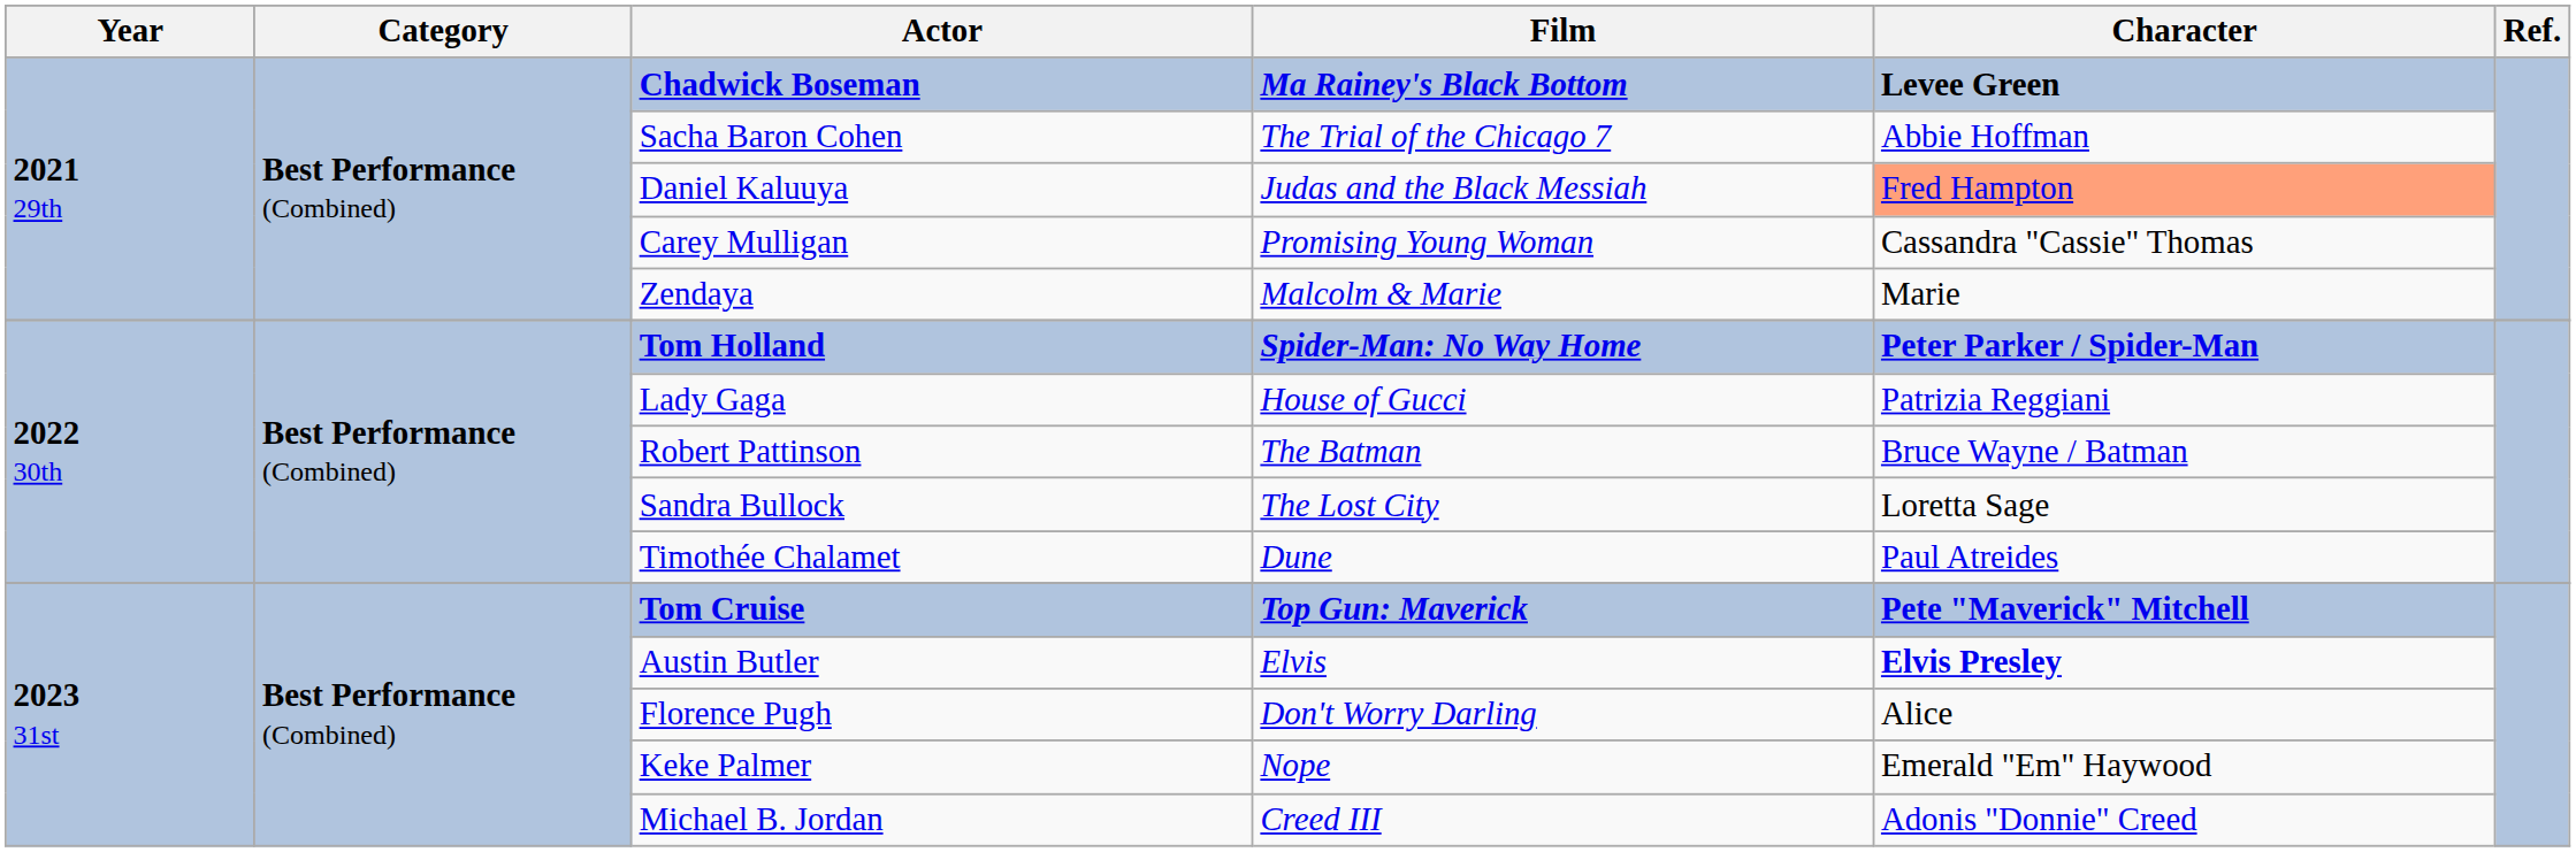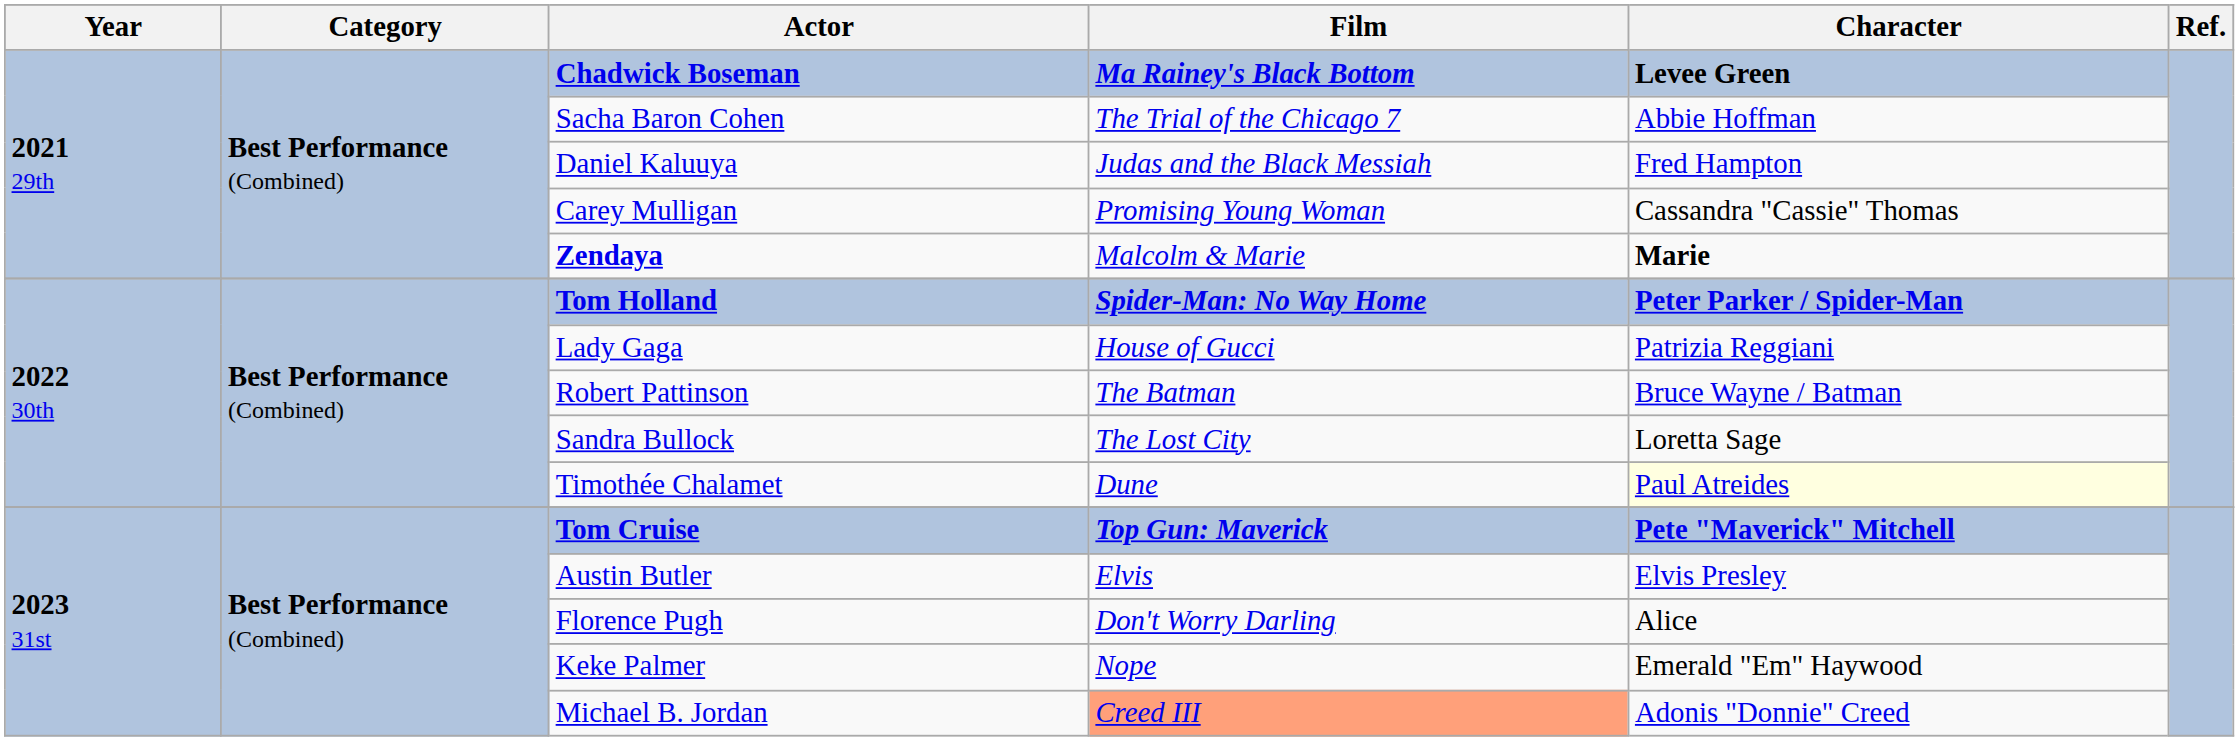 <table class="wikitable" style="width:98%">
 <tr style="background:#bebebe;">
 <th style="width:10%;">Year</th>
 <th style="width:15%;">Category</th>
 <th style="width:25%;">Actor</th>
 <th style="width:25%;">Film</th>
 <th style="width:25%;">Character</th>
 <th style="width:25%;">Ref.</th>
 </tr>
 <tr style="background:#B0C4DE;">
 <td rowspan="5"><strong>2021</strong><br><small><a href='#'>29th</a></small><small></small></td>
 <td rowspan="5"><strong>Best Performance</strong><br><small>(Combined)</small><small></small></td>
 <td><strong><a href='#'>Chadwick Boseman</a></strong></td>
 <td><strong><em><a href='#'>Ma Rainey's Black Bottom</a></em></strong></td>
 <td><strong>Levee Green</strong></td>
 <td rowspan="5" align="center"></td>
 </tr>
 <tr>
 <td><a href='#'>Sacha Baron Cohen</a></td>
 <td><em><a href='#'>The Trial of the Chicago 7</a></em></td>
 <td><a href='#'>Abbie Hoffman</a></td>
 </tr>
 <tr>
 <td><a href='#'>Daniel Kaluuya</a></td>
 <td><em><a href='#'>Judas and the Black Messiah</a></em></td>
-<td style="background: lightsalmon;"><a href='#'>Fred Hampton</a></td>
+<td><a href='#'>Fred Hampton</a></td>
 </tr>
 <tr>
 <td><a href='#'>Carey Mulligan</a></td>
 <td><em><a href='#'>Promising Young Woman</a></em></td>
 <td>Cassandra "Cassie" Thomas</td>
 </tr>
 <tr>
-<td><a href='#'>Zendaya</a></td>
+<td><strong><a href='#'>Zendaya</a></strong></td>
 <td><em><a href='#'>Malcolm & Marie</a></em></td>
-<td>Marie</td>
+<td><strong>Marie</strong></td>
 </tr>
 <tr>
 </tr>
 <tr style="background:#B0C4DE;">
 <td rowspan="5"><strong>2022</strong><br><small><a href='#'>30th</a></small><small></small></td>
 <td rowspan="5"><strong>Best Performance</strong><br><small>(Combined)</small><small></small></td>
 <td><strong><a href='#'>Tom Holland</a></strong></td>
 <td><strong><em><a href='#'>Spider-Man: No Way Home</a></em></strong></td>
 <td><strong><a href='#'>Peter Parker / Spider-Man</a></strong></td>
 <td rowspan="5" align="center"></td>
 </tr>
 <tr>
 <td><a href='#'>Lady Gaga</a></td>
 <td><em><a href='#'>House of Gucci</a></em></td>
 <td><a href='#'>Patrizia Reggiani</a></td>
 </tr>
 <tr>
 <td><a href='#'>Robert Pattinson</a></td>
 <td><em><a href='#'>The Batman</a></em></td>
 <td><a href='#'>Bruce Wayne / Batman</a></td>
 </tr>
 <tr>
 <td><a href='#'>Sandra Bullock</a></td>
 <td><em><a href='#'>The Lost City</a></em></td>
 <td>Loretta Sage</td>
 </tr>
 <tr>
 <td><a href='#'>Timothée Chalamet</a></td>
 <td><em><a href='#'>Dune</a></em></td>
-<td><a href='#'>Paul Atreides</a></td>
+<td style="background: lightyellow;"><a href='#'>Paul Atreides</a></td>
 </tr>
 <tr>
 </tr>
 <tr style="background:#B0C4DE;">
 <td rowspan="6"><strong>2023</strong><br><small><a href='#'>31st</a></small><small></small></td>
 <td rowspan="6"><strong>Best Performance</strong><br><small>(Combined)</small><small></small></td>
 <td><strong><a href='#'>Tom Cruise</a></strong></td>
 <td><strong><em><a href='#'>Top Gun: Maverick</a></em></strong></td>
 <td><strong><a href='#'>Pete "Maverick" Mitchell</a></strong></td>
 <td rowspan="6" align="center"></td>
 </tr>
 <tr>
 <td><a href='#'>Austin Butler</a></td>
 <td><em><a href='#'>Elvis</a></em></td>
-<td><strong><a href='#'>Elvis Presley</a></strong></td>
+<td><a href='#'>Elvis Presley</a></td>
 </tr>
 <tr>
 <td><a href='#'>Florence Pugh</a></td>
 <td><em><a href='#'>Don't Worry Darling</a></em></td>
 <td>Alice</td>
 </tr>
 <tr>
 <td><a href='#'>Keke Palmer</a></td>
 <td><em><a href='#'>Nope</a></em></td>
 <td>Emerald "Em" Haywood</td>
 </tr>
 <tr>
 <td><a href='#'>Michael B. Jordan</a></td>
-<td><em><a href='#'>Creed III</a></em></td>
+<td style="background: lightsalmon;"><em><a href='#'>Creed III</a></em></td>
 <td><a href='#'>Adonis "Donnie" Creed</a></td>
 </tr>
 </table>
